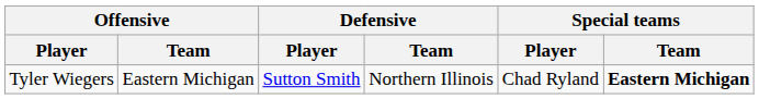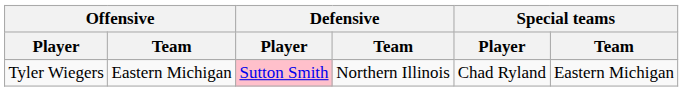 <table class="wikitable" style="display: inline-table;">
 <tr>
 <th colspan="2">Offensive</th>
 <th colspan="2">Defensive</th>
 <th colspan="2">Special teams</th>
 </tr>
 <tr>
 <th>Player</th>
 <th>Team</th>
 <th>Player</th>
 <th>Team</th>
 <th>Player</th>
 <th>Team</th>
 </tr>
 <tr>
 <td>Tyler Wiegers</td>
 <td>Eastern Michigan</td>
-<td><a href='#'>Sutton Smith</a></td>
+<td style="background: pink;"><a href='#'>Sutton Smith</a></td>
 <td>Northern Illinois</td>
 <td>Chad Ryland</td>
-<td><strong>Eastern Michigan</strong></td>
+<td>Eastern Michigan</td>
 </tr>
 </table>
